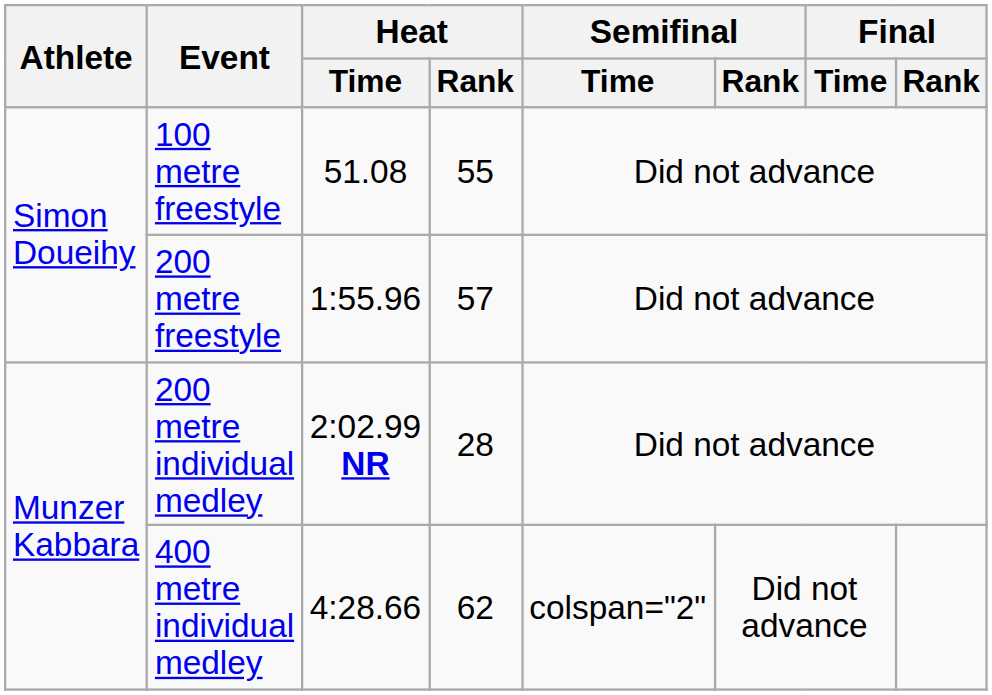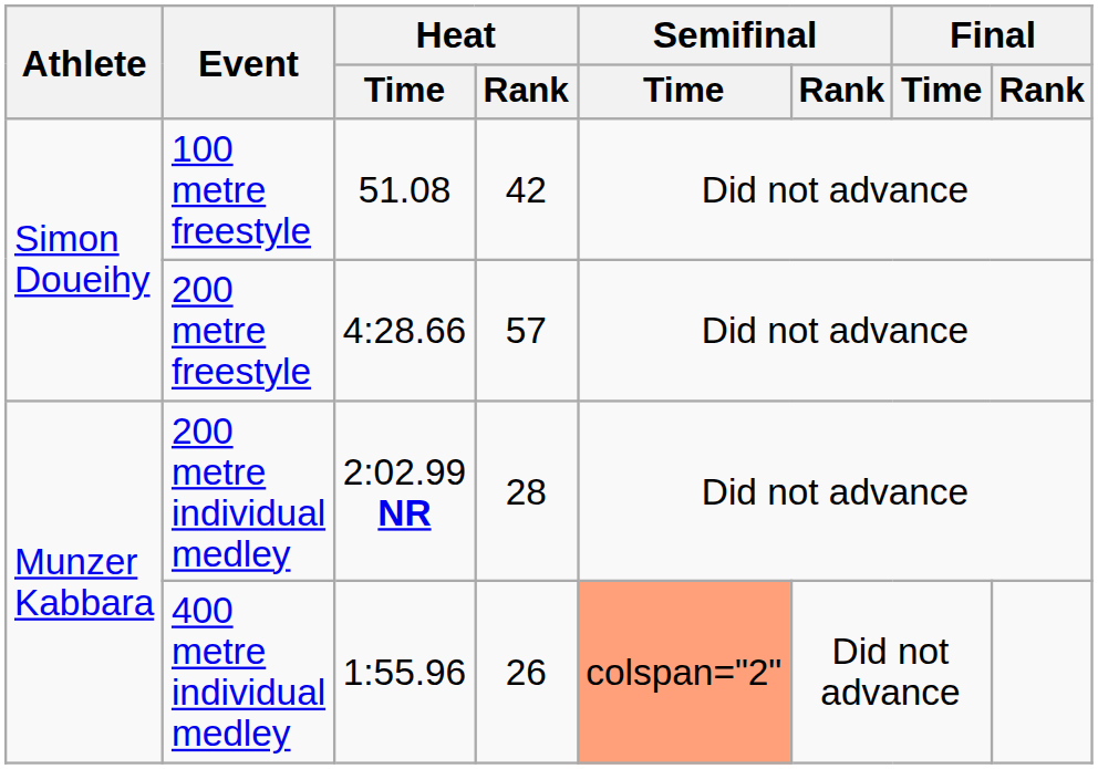 <table class="wikitable" style="text-align:center; font-size:90%; width:50%;">
 <tr>
 <th rowspan="2">Athlete</th>
 <th rowspan="2">Event</th>
 <th colspan="2">Heat</th>
 <th colspan="2">Semifinal</th>
 <th colspan="2">Final</th>
 </tr>
 <tr style="font-size:95%">
 <th>Time</th>
 <th>Rank</th>
 <th>Time</th>
 <th>Rank</th>
 <th>Time</th>
 <th>Rank</th>
 </tr>
 <tr>
 <td align=left rowspan=2><a href='#'>Simon Doueihy</a></td>
 <td align=left><a href='#'>100 metre freestyle</a></td>
 <td>51.08</td>
-<td>55</td>
+<td>42</td>
 <td colspan=4>Did not advance</td>
 </tr>
 <tr>
 <td align=left><a href='#'>200 metre freestyle</a></td>
-<td>1:55.96</td>
+<td>4:28.66</td>
 <td>57</td>
 <td colspan=4>Did not advance</td>
 </tr>
 <tr>
 <td align=left rowspan=2><a href='#'>Munzer Kabbara</a></td>
 <td align=left><a href='#'>200 metre individual medley</a></td>
 <td>2:02.99 <strong><a href='#'>NR</a></strong></td>
 <td>28</td>
 <td colspan=4>Did not advance</td>
 </tr>
 <tr>
 <td align=left><a href='#'>400 metre individual medley</a></td>
-<td>4:28.66</td>
-<td>62</td>
-<td>colspan="2" </td>
+<td>1:55.96</td>
+<td>26</td>
+<td style="background: lightsalmon;">colspan="2" </td>
 <td colspan="2">Did not advance</td>
 </tr>
 </table>
